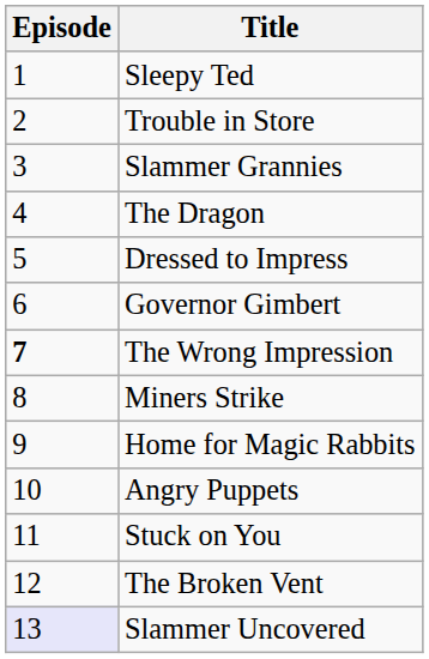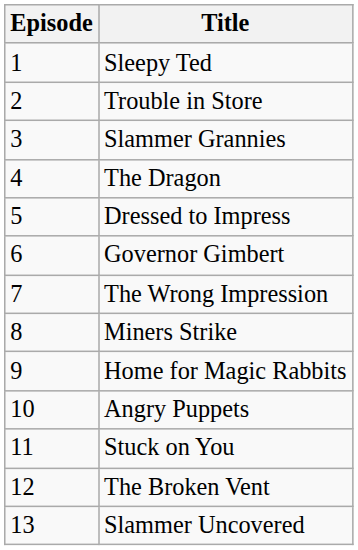 <table class="wikitable">
 <tr>
 <th>Episode</th>
 <th>Title</th>
 </tr>
 <tr>
 <td>1</td>
 <td>Sleepy Ted</td>
 </tr>
 <tr>
 <td>2</td>
 <td>Trouble in Store</td>
 </tr>
 <tr>
 <td>3</td>
 <td>Slammer Grannies</td>
 </tr>
 <tr>
 <td>4</td>
 <td>The Dragon</td>
 </tr>
 <tr>
 <td>5</td>
 <td>Dressed to Impress</td>
 </tr>
 <tr>
 <td>6</td>
 <td>Governor Gimbert</td>
 </tr>
 <tr>
-<td><strong>7</strong></td>
+<td>7</td>
 <td>The Wrong Impression</td>
 </tr>
 <tr>
 <td>8</td>
 <td>Miners Strike</td>
 </tr>
 <tr>
 <td>9</td>
 <td>Home for Magic Rabbits</td>
 </tr>
 <tr>
 <td>10</td>
 <td>Angry Puppets</td>
 </tr>
 <tr>
 <td>11</td>
 <td>Stuck on You</td>
 </tr>
 <tr>
 <td>12</td>
 <td>The Broken Vent</td>
 </tr>
 <tr>
-<td style="background: lavender;">13</td>
+<td>13</td>
 <td>Slammer Uncovered</td>
 </tr>
 </table>
